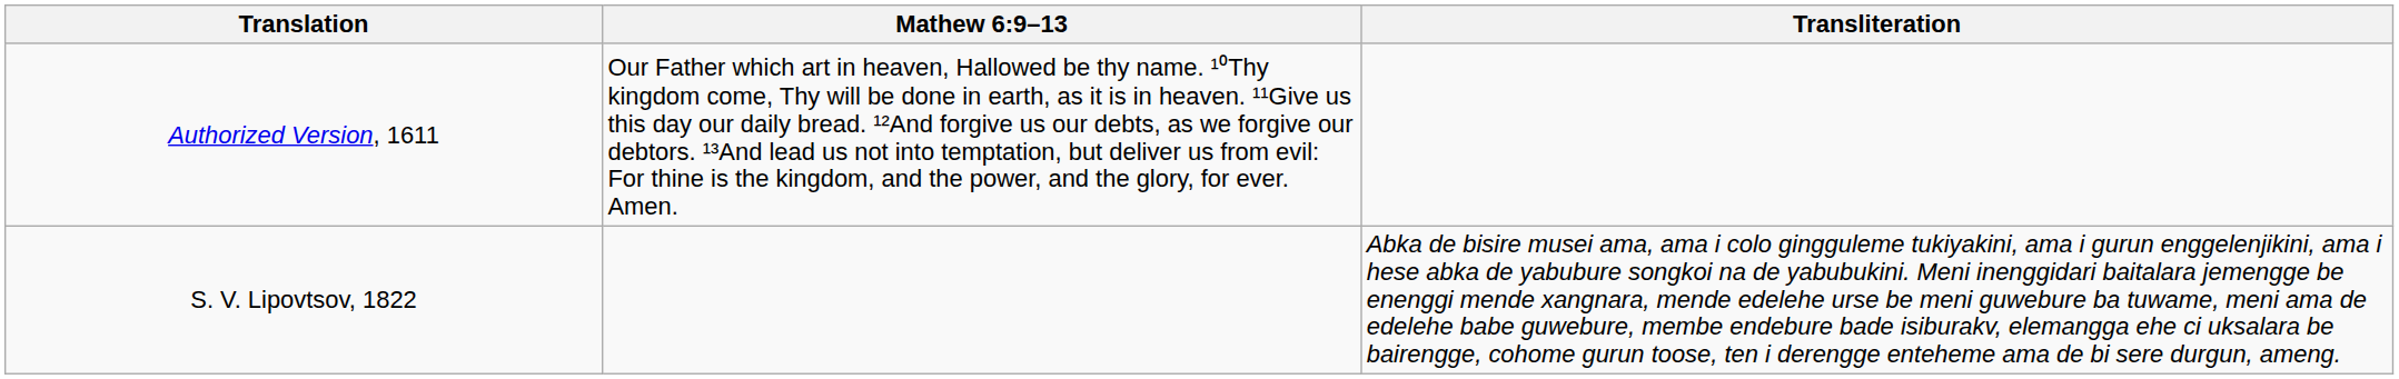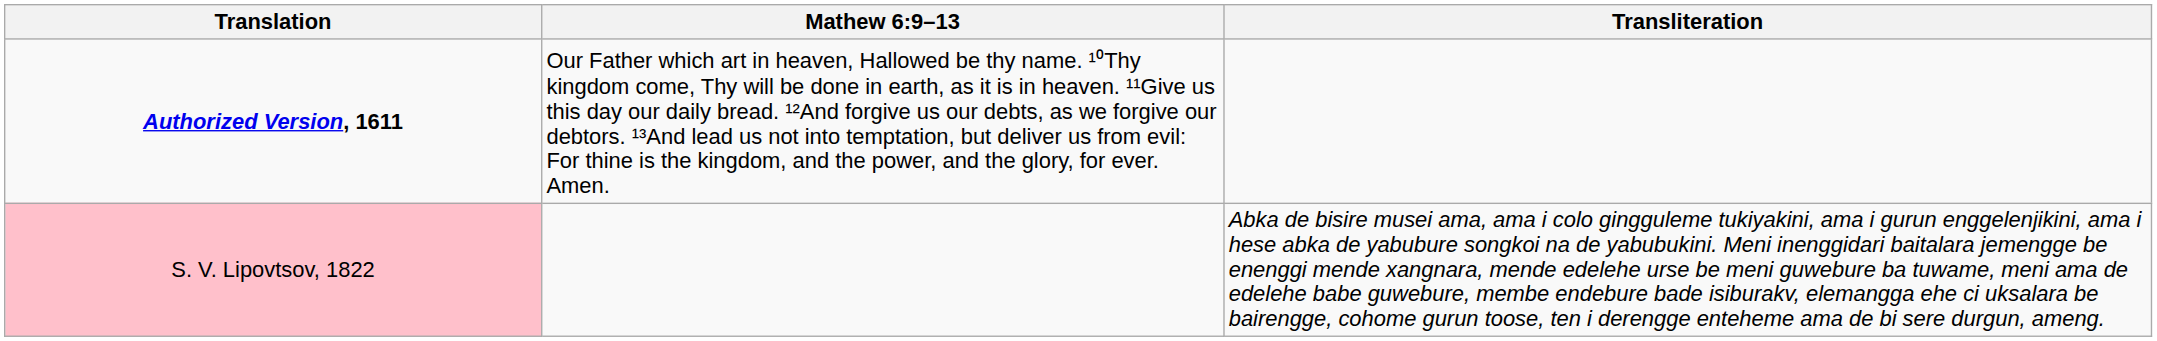 <table class="wikitable">
 <tr>
 <th style="text-align:center; width:25%;">Translation</th>
 <th>Mathew 6:9–13</th>
 <th>Transliteration</th>
 </tr>
 <tr>
-<td style="text-align:center;"><em><a href='#'>Authorized Version</a></em>, 1611</td>
+<td style="text-align:center;"><strong><em><a href='#'>Authorized Version</a></em>, 1611</strong></td>
 <td>Our Father which art in heaven, Hallowed be thy name. ¹⁰Thy kingdom come, Thy will be done in earth, as it is in heaven. ¹¹Give us this day our daily bread. ¹²And forgive us our debts, as we forgive our debtors. ¹³And lead us not into temptation, but deliver us from evil: For thine is the kingdom, and the power, and the glory, for ever. Amen.</td>
 </tr>
 <tr>
-<td style="text-align:center;">S. V. Lipovtsov, 1822</td>
+<td style="background: pink; text-align:center;">S. V. Lipovtsov, 1822</td>
 <td></td>
 <td><em>Abka de bisire musei ama, ama i colo gingguleme tukiyakini, ama i gurun enggelenjikini, ama i hese abka de yabubure songkoi na de yabubukini. Meni inenggidari baitalara jemengge be enenggi mende xangnara, mende edelehe urse be meni guwebure ba tuwame, meni ama de edelehe babe guwebure, membe endebure bade isiburakv, elemangga ehe ci uksalara be bairengge, cohome gurun toose, ten i derengge enteheme ama de bi sere durgun, ameng.</em></td>
 </tr>
 </table>
